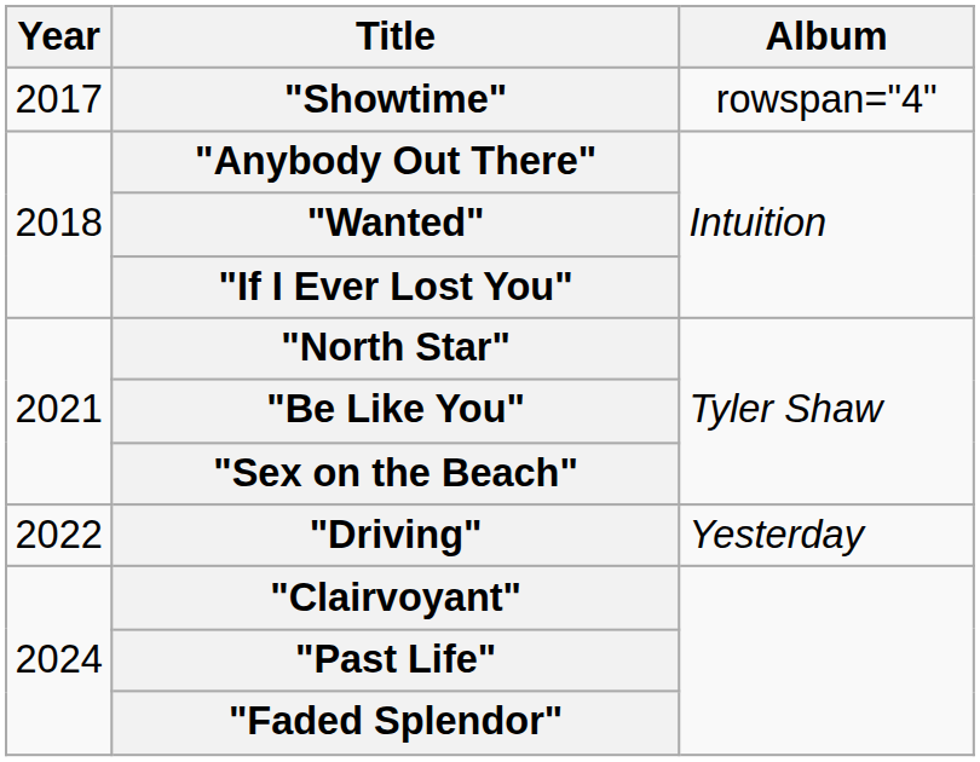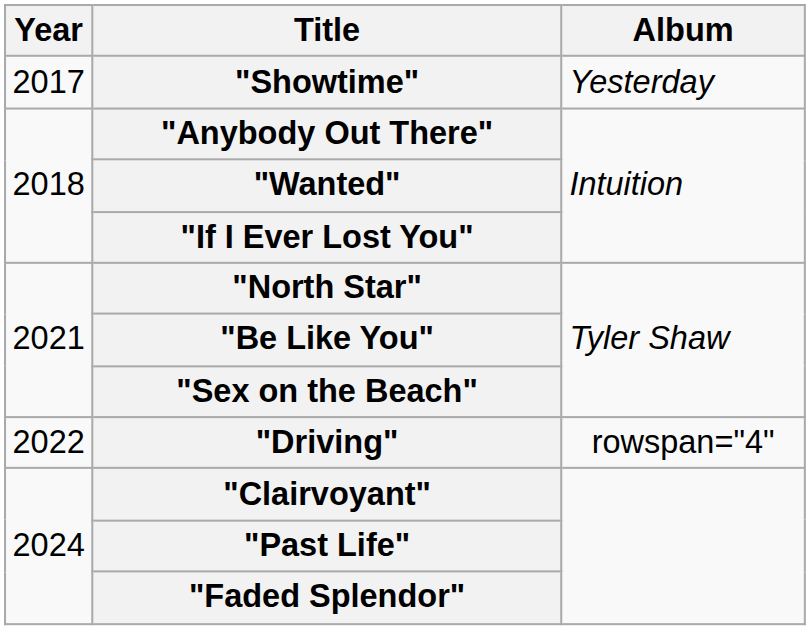 <table class="wikitable plainrowheaders" style="text-align:center;">
 <tr>
 <th style="width:1em;">Year</th>
 <th style="width:14em;">Title</th>
 <th style="width:7em;">Album</th>
 </tr>
 <tr>
 <td>2017</td>
 <th scope="row">"Showtime"</th>
-<td>rowspan="4" </td>
+<td align="left"><em>Yesterday</em></td>
 </tr>
 <tr>
 <td rowspan="3">2018</td>
 <th scope="row">"Anybody Out There"<br></th>
 <td align="left" rowspan="3"><em>Intuition</em></td>
 </tr>
 <tr>
 <th scope="row">"Wanted"</th>
 </tr>
 <tr>
 <th scope="row">"If I Ever Lost You"</th>
 </tr>
 <tr>
 <td rowspan="3">2021</td>
 <th scope="row">"North Star"</th>
 <td align="left" rowspan="3"><em>Tyler Shaw</em></td>
 </tr>
 <tr>
 <th scope="row">"Be Like You"</th>
 </tr>
 <tr>
 <th scope="row">"Sex on the Beach"</th>
 </tr>
 <tr>
 <td>2022</td>
 <th scope="row">"Driving"</th>
-<td align="left"><em>Yesterday</em></td>
+<td>rowspan="4" </td>
 </tr>
 <tr>
 <td rowspan="3">2024</td>
 <th scope="row">"Clairvoyant"</th>
 </tr>
 <tr>
 <th scope="row">"Past Life"</th>
 </tr>
 <tr>
 <th scope="row">"Faded Splendor"<br></th>
 </tr>
 </table>
